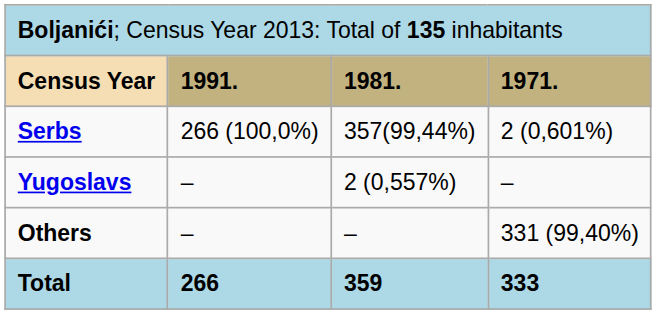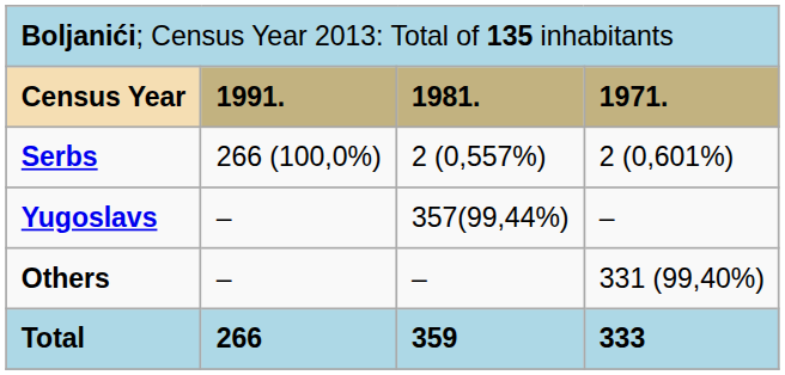 <table border="1" cellpadding="7" cellspacing="0" style="margin: 10px 0 10px 25px; background: #f9f9f9; border: 1px #AAA solid; border-collapse: collapse; font-size: 85%; float: center;">
 <tr style="background:lightblue">
 <td colspan ="7"><strong>Boljanići</strong>; Census Year  2013: Total of  <strong>135</strong> inhabitants</td>
 </tr>
 <tr style="background:style=;">
 <td style="background:wheat;"><strong>Census Year</strong></td>
 <td style="background:#c2b280;"><strong>1991.</strong></td>
 <td style="background:#c2b280;"><strong>1981.</strong></td>
 <td style="background:#c2b280;"><strong>1971.</strong></td>
 </tr>
 <tr>
 <td><strong><a href='#'>Serbs</a></strong></td>
 <td>266 (100,0%)</td>
-<td>357(99,44%)</td>
+<td>2 (0,557%)</td>
 <td>2 (0,601%)</td>
 </tr>
 <tr>
 <td><strong><a href='#'>Yugoslavs</a></strong></td>
 <td>–</td>
-<td>2 (0,557%)</td>
+<td>357(99,44%)</td>
 <td>–</td>
 </tr>
 <tr>
 <td><strong>Others</strong></td>
 <td>–</td>
 <td>–</td>
 <td>331 (99,40%)</td>
 </tr>
 <tr>
 <td style="background:lightblue"><strong>Total</strong></td>
 <td style="background:lightblue"><strong>266 </strong></td>
 <td style="background:lightblue"><strong> 359</strong></td>
 <td style="background:lightblue"><strong>333 </strong></td>
 </tr>
 </table>
